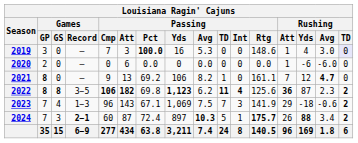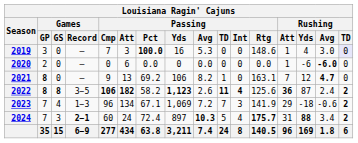 <table class="wikitable" style="text-align:center;">
 <tr>
 <th colspan="16">Louisiana Ragin' Cajuns</th>
 </tr>
 <tr>
 <th rowspan="2">Season</th>
 <th colspan="3">Games</th>
 <th colspan="8">Passing</th>
 <th colspan="4">Rushing</th>
 </tr>
 <tr>
 <th>GP</th>
 <th>GS</th>
 <th>Record</th>
 <th>Cmp</th>
 <th>Att</th>
 <th>Pct</th>
 <th>Yds</th>
 <th>Avg</th>
 <th>TD</th>
 <th>Int</th>
 <th>Rtg</th>
 <th>Att</th>
 <th>Yds</th>
 <th>Avg</th>
 <th>TD</th>
 </tr>
 <tr>
 <th><a href='#'>2019</a></th>
 <td>3</td>
 <td>0</td>
 <td>—</td>
 <td>7</td>
 <td>3</td>
 <td><strong>100.0</strong></td>
 <td>16</td>
 <td>5.3</td>
 <td>0</td>
 <td>0</td>
 <td>148.6</td>
 <td>1</td>
 <td>4</td>
 <td>3.0</td>
 <td style="background: lavender;">0</td>
 </tr>
 <tr>
 <th><a href='#'>2020</a></th>
 <td>2</td>
 <td>0</td>
 <td>—</td>
 <td>0</td>
 <td>6</td>
 <td>0.0</td>
 <td>0</td>
 <td>0.0</td>
 <td>0</td>
 <td>0</td>
 <td>0.0</td>
 <td>1</td>
 <td>-6</td>
-<td>-6.0</td>
+<td><strong>-6.0</strong></td>
 <td>0</td>
 </tr>
 <tr>
 <th><a href='#'>2021</a></th>
 <td><strong>8</strong></td>
 <td>0</td>
 <td>—</td>
 <td>9</td>
 <td>13</td>
 <td>69.2</td>
 <td>106</td>
 <td>8.2</td>
 <td>1</td>
 <td>0</td>
-<td>161.1</td>
+<td>163.1</td>
 <td>7</td>
 <td>12</td>
 <td><strong>4.7</strong></td>
 <td>0</td>
 </tr>
 <tr>
 <th><a href='#'>2022</a></th>
 <td><strong>8</strong></td>
 <td><strong>8</strong></td>
 <td>3−5</td>
 <td><strong>106</strong></td>
 <td><strong>182</strong></td>
-<td>69.8</td>
+<td>58.2</td>
 <td><strong>1,123</strong></td>
-<td>6.2</td>
+<td>2.6</td>
 <td><strong>11</strong></td>
 <td><strong>4</strong></td>
 <td>125.6</td>
 <td><strong>36</strong></td>
 <td>87</td>
-<td>2.3</td>
+<td>2.4</td>
 <td><strong>2</strong></td>
 </tr>
 <tr>
 <th><a href='#'>2023</a></th>
 <td>7</td>
 <td>4</td>
 <td>1−3</td>
 <td>96</td>
-<td>143</td>
+<td>134</td>
 <td>67.1</td>
 <td>1,069</td>
-<td>7.5</td>
+<td>7.2</td>
 <td>7</td>
 <td>3</td>
 <td>141.9</td>
 <td>29</td>
 <td>-18</td>
 <td>-0.6</td>
 <td><strong>2</strong></td>
 </tr>
 <tr>
 <th><a href='#'>2024</a></th>
 <td>7</td>
 <td>3</td>
 <td><strong>2−1</strong></td>
 <td>60</td>
-<td>87</td>
+<td>24</td>
 <td>72.4</td>
 <td>897</td>
 <td><strong>10.3</strong></td>
 <td>5</td>
-<td>1</td>
+<td>4</td>
 <td><strong>175.7</strong></td>
-<td>26</td>
+<td>31</td>
 <td><strong>88</strong></td>
 <td>3.4</td>
 <td><strong>2</strong></td>
 </tr>
 <tr>
 <th></th>
 <th>35</th>
 <th>15</th>
 <th>6−9</th>
 <th>277</th>
 <th>434</th>
 <th>63.8</th>
 <th>3,211</th>
 <th>7.4</th>
 <th>24</th>
 <th>8</th>
 <th>140.5</th>
 <th>96</th>
 <th>169</th>
 <th>1.8</th>
 <th>6</th>
 </tr>
 </table>
